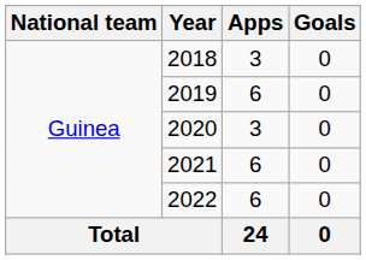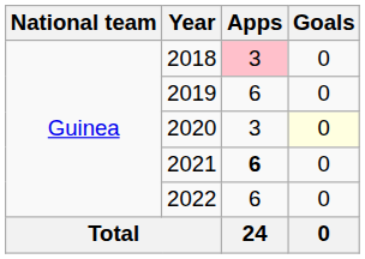 <table class="wikitable" style="text-align:center">
 <tr>
 <th>National team</th>
 <th>Year</th>
 <th>Apps</th>
 <th>Goals</th>
 </tr>
 <tr>
 <td rowspan="5"><a href='#'>Guinea</a></td>
 <td>2018</td>
-<td>3</td>
+<td style="background: pink;">3</td>
 <td>0</td>
 </tr>
 <tr>
 <td>2019</td>
 <td>6</td>
 <td>0</td>
 </tr>
 <tr>
 <td>2020</td>
 <td>3</td>
-<td>0</td>
+<td style="background: lightyellow;">0</td>
 </tr>
 <tr>
 <td>2021</td>
-<td>6</td>
+<td><strong>6</strong></td>
 <td>0</td>
 </tr>
 <tr>
 <td>2022</td>
 <td>6</td>
 <td>0</td>
 </tr>
 <tr>
 <th colspan="2">Total</th>
 <th>24</th>
 <th>0</th>
 </tr>
 </table>
